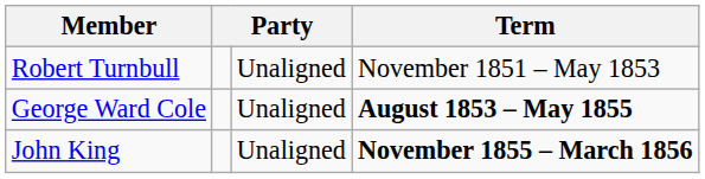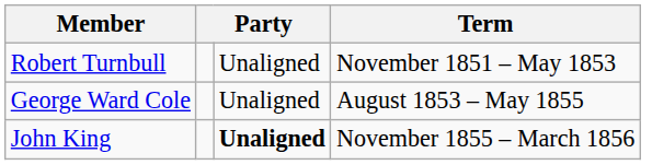 <table class="wikitable">
 <tr>
 <th>Member</th>
 <th colspan=2>Party</th>
 <th>Term</th>
 </tr>
 <tr>
 <td><a href='#'>Robert Turnbull</a></td>
 <td> </td>
 <td>Unaligned</td>
 <td>November 1851 – May 1853</td>
 </tr>
 <tr>
 <td><a href='#'>George Ward Cole</a></td>
 <td> </td>
 <td>Unaligned</td>
-<td><strong>August 1853 – May 1855</strong></td>
+<td>August 1853 – May 1855</td>
 </tr>
 <tr>
 <td><a href='#'>John King</a></td>
 <td> </td>
-<td>Unaligned</td>
-<td><strong>November 1855 – March 1856</strong></td>
+<td><strong>Unaligned</strong></td>
+<td>November 1855 – March 1856</td>
 </tr>
 </table>
